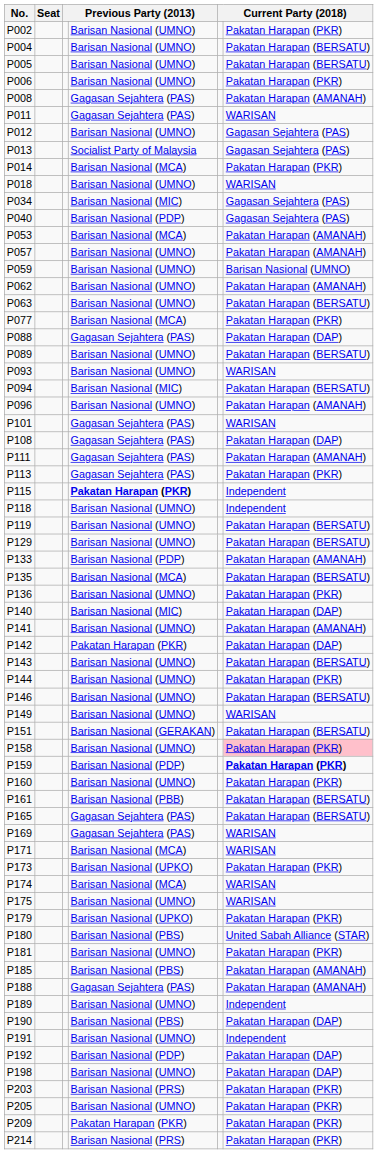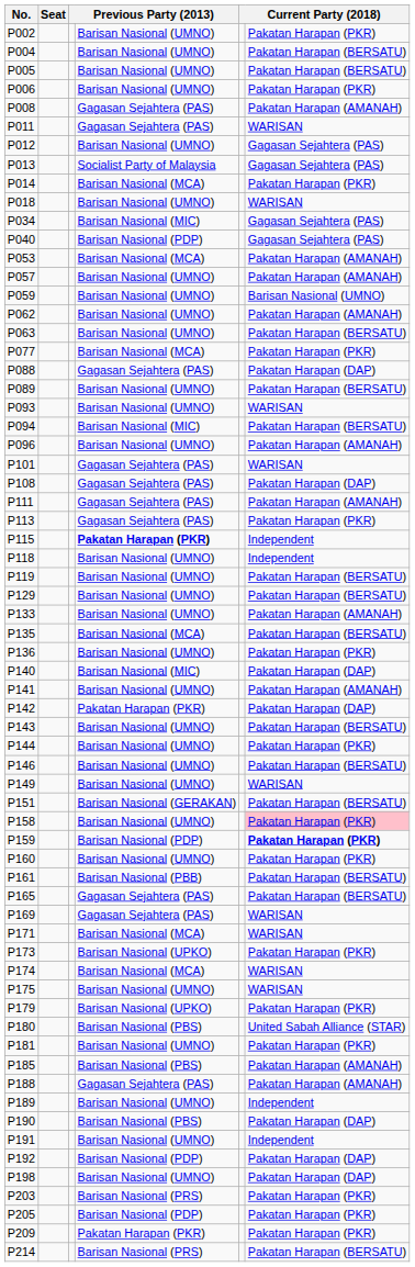 <table class="wikitable sortable" style="font-size:95%;">
 <tr>
 <th scope="col">No.</th>
 <th scope="col">Seat</th>
 <th colspan="2" scope="col">Previous Party (2013)</th>
 <th colspan="2" scope="col">Current Party (2018)</th>
 </tr>
 <tr>
 <td>P002</td>
 <td> </td>
 <td width="1"></td>
 <td><a href='#'>Barisan Nasional</a> (<a href='#'>UMNO</a>)</td>
 <td width="1"></td>
 <td><a href='#'>Pakatan Harapan</a> (<a href='#'>PKR</a>)</td>
 </tr>
 <tr>
 <td>P004</td>
 <td> </td>
 <td width="1"></td>
 <td><a href='#'>Barisan Nasional</a> (<a href='#'>UMNO</a>)</td>
 <td width="1"></td>
 <td><a href='#'>Pakatan Harapan</a> (<a href='#'>BERSATU</a>)</td>
 </tr>
 <tr>
 <td>P005</td>
 <td> </td>
 <td width="1"></td>
 <td><a href='#'>Barisan Nasional</a> (<a href='#'>UMNO</a>)</td>
 <td width="1"></td>
 <td><a href='#'>Pakatan Harapan</a> (<a href='#'>BERSATU</a>)</td>
 </tr>
 <tr>
 <td>P006</td>
 <td> </td>
 <td width="1"></td>
 <td><a href='#'>Barisan Nasional</a> (<a href='#'>UMNO</a>)</td>
 <td width="1"></td>
 <td><a href='#'>Pakatan Harapan</a> (<a href='#'>PKR</a>)</td>
 </tr>
 <tr>
 <td>P008</td>
 <td> </td>
 <td width="1"></td>
 <td><a href='#'>Gagasan Sejahtera</a> (<a href='#'>PAS</a>)</td>
 <td width="1"></td>
 <td><a href='#'>Pakatan Harapan</a> (<a href='#'>AMANAH</a>)</td>
 </tr>
 <tr>
 <td>P011</td>
 <td> </td>
 <td width="1"></td>
 <td><a href='#'>Gagasan Sejahtera</a> (<a href='#'>PAS</a>)</td>
 <td width="1"></td>
 <td><a href='#'>WARISAN</a></td>
 </tr>
 <tr>
 <td>P012</td>
 <td> </td>
 <td width="1"></td>
 <td><a href='#'>Barisan Nasional</a> (<a href='#'>UMNO</a>)</td>
 <td width="1"></td>
 <td><a href='#'>Gagasan Sejahtera</a> (<a href='#'>PAS</a>)</td>
 </tr>
 <tr>
 <td>P013</td>
 <td> </td>
 <td width="1"></td>
 <td><a href='#'>Socialist Party of Malaysia</a></td>
 <td width="1"></td>
 <td><a href='#'>Gagasan Sejahtera</a> (<a href='#'>PAS</a>)</td>
 </tr>
 <tr>
 <td>P014</td>
 <td> </td>
 <td width="1"></td>
 <td><a href='#'>Barisan Nasional</a> (<a href='#'>MCA</a>)</td>
 <td width="1"></td>
 <td><a href='#'>Pakatan Harapan</a> (<a href='#'>PKR</a>)</td>
 </tr>
 <tr>
 <td>P018</td>
 <td> </td>
 <td width="1"></td>
 <td><a href='#'>Barisan Nasional</a> (<a href='#'>UMNO</a>)</td>
 <td width="1"></td>
 <td><a href='#'>WARISAN</a></td>
 </tr>
 <tr>
 <td>P034</td>
 <td> </td>
 <td width="1"></td>
 <td><a href='#'>Barisan Nasional</a> (<a href='#'>MIC</a>)</td>
 <td width="1"></td>
 <td><a href='#'>Gagasan Sejahtera</a> (<a href='#'>PAS</a>)</td>
 </tr>
 <tr>
 <td>P040</td>
 <td> </td>
 <td width="1"></td>
 <td><a href='#'>Barisan Nasional</a> (<a href='#'>PDP</a>)</td>
 <td width="1"></td>
 <td><a href='#'>Gagasan Sejahtera</a> (<a href='#'>PAS</a>)</td>
 </tr>
 <tr>
 <td>P053</td>
 <td> </td>
 <td width="1"></td>
 <td><a href='#'>Barisan Nasional</a> (<a href='#'>MCA</a>)</td>
 <td width="1"></td>
 <td><a href='#'>Pakatan Harapan</a> (<a href='#'>AMANAH</a>)</td>
 </tr>
 <tr>
 <td>P057</td>
 <td> </td>
 <td width="1"></td>
 <td><a href='#'>Barisan Nasional</a> (<a href='#'>UMNO</a>)</td>
 <td width="1"></td>
 <td><a href='#'>Pakatan Harapan</a> (<a href='#'>AMANAH</a>)</td>
 </tr>
 <tr>
 <td>P059</td>
 <td> </td>
 <td width="1"></td>
 <td><a href='#'>Barisan Nasional</a> (<a href='#'>UMNO</a>)</td>
 <td width="1"></td>
 <td><a href='#'>Barisan Nasional</a> (<a href='#'>UMNO</a>)</td>
 </tr>
 <tr>
 <td>P062</td>
 <td> </td>
 <td width="1"></td>
 <td><a href='#'>Barisan Nasional</a> (<a href='#'>UMNO</a>)</td>
 <td width="1"></td>
 <td><a href='#'>Pakatan Harapan</a> (<a href='#'>AMANAH</a>)</td>
 </tr>
 <tr>
 <td>P063</td>
 <td> </td>
 <td width="1"></td>
 <td><a href='#'>Barisan Nasional</a> (<a href='#'>UMNO</a>)</td>
 <td width="1"></td>
 <td><a href='#'>Pakatan Harapan</a> (<a href='#'>BERSATU</a>)</td>
 </tr>
 <tr>
 <td>P077</td>
 <td> </td>
 <td width="1"></td>
 <td><a href='#'>Barisan Nasional</a> (<a href='#'>MCA</a>)</td>
 <td width="1"></td>
 <td><a href='#'>Pakatan Harapan</a> (<a href='#'>PKR</a>)</td>
 </tr>
 <tr>
 <td>P088</td>
 <td> </td>
 <td width="1"></td>
 <td><a href='#'>Gagasan Sejahtera</a> (<a href='#'>PAS</a>)</td>
 <td width="1"></td>
 <td><a href='#'>Pakatan Harapan</a> (<a href='#'>DAP</a>)</td>
 </tr>
 <tr>
 <td>P089</td>
 <td> </td>
 <td width="1"></td>
 <td><a href='#'>Barisan Nasional</a> (<a href='#'>UMNO</a>)</td>
 <td width="1"></td>
 <td><a href='#'>Pakatan Harapan</a> (<a href='#'>BERSATU</a>)</td>
 </tr>
 <tr>
 <td>P093</td>
 <td> </td>
 <td width="1"></td>
 <td><a href='#'>Barisan Nasional</a> (<a href='#'>UMNO</a>)</td>
 <td width="1"></td>
 <td><a href='#'>WARISAN</a></td>
 </tr>
 <tr>
 <td>P094</td>
 <td> </td>
 <td width="1"></td>
 <td><a href='#'>Barisan Nasional</a> (<a href='#'>MIC</a>)</td>
 <td width="1"></td>
 <td><a href='#'>Pakatan Harapan</a> (<a href='#'>BERSATU</a>)</td>
 </tr>
 <tr>
 <td>P096</td>
 <td> </td>
 <td width="1"></td>
 <td><a href='#'>Barisan Nasional</a> (<a href='#'>UMNO</a>)</td>
 <td width="1"></td>
 <td><a href='#'>Pakatan Harapan</a> (<a href='#'>AMANAH</a>)</td>
 </tr>
 <tr>
 <td>P101</td>
 <td> </td>
 <td width="1"></td>
 <td><a href='#'>Gagasan Sejahtera</a> (<a href='#'>PAS</a>)</td>
 <td width="1"></td>
 <td><a href='#'>WARISAN</a></td>
 </tr>
 <tr>
 <td>P108</td>
 <td> </td>
 <td width="1"></td>
 <td><a href='#'>Gagasan Sejahtera</a> (<a href='#'>PAS</a>)</td>
 <td width="1"></td>
 <td><a href='#'>Pakatan Harapan</a> (<a href='#'>DAP</a>)</td>
 </tr>
 <tr>
 <td>P111</td>
 <td> </td>
 <td width="1"></td>
 <td><a href='#'>Gagasan Sejahtera</a> (<a href='#'>PAS</a>)</td>
 <td width="1"></td>
 <td><a href='#'>Pakatan Harapan</a> (<a href='#'>AMANAH</a>)</td>
 </tr>
 <tr>
 <td>P113</td>
 <td> </td>
 <td width="1"></td>
 <td><a href='#'>Gagasan Sejahtera</a> (<a href='#'>PAS</a>)</td>
 <td width="1"></td>
 <td><a href='#'>Pakatan Harapan</a> (<a href='#'>PKR</a>)</td>
 </tr>
 <tr>
 <td>P115</td>
 <td> </td>
 <td width="1"></td>
 <td><strong><a href='#'>Pakatan Harapan</a> (<a href='#'>PKR</a>)</strong></td>
 <td width="1"></td>
 <td><a href='#'>Independent</a></td>
 </tr>
 <tr>
 <td>P118</td>
 <td> </td>
 <td width="1"></td>
 <td><a href='#'>Barisan Nasional</a> (<a href='#'>UMNO</a>)</td>
 <td width="1"></td>
 <td><a href='#'>Independent</a></td>
 </tr>
 <tr>
 <td>P119</td>
 <td> </td>
 <td width="1"></td>
 <td><a href='#'>Barisan Nasional</a> (<a href='#'>UMNO</a>)</td>
 <td width="1"></td>
 <td><a href='#'>Pakatan Harapan</a> (<a href='#'>BERSATU</a>)</td>
 </tr>
 <tr>
 <td>P129</td>
 <td> </td>
 <td width="1"></td>
 <td><a href='#'>Barisan Nasional</a> (<a href='#'>UMNO</a>)</td>
 <td width="1"></td>
 <td><a href='#'>Pakatan Harapan</a> (<a href='#'>BERSATU</a>)</td>
 </tr>
 <tr>
 <td>P133</td>
 <td> </td>
 <td width="1"></td>
-<td><a href='#'>Barisan Nasional</a> (<a href='#'>PDP</a>)</td>
+<td><a href='#'>Barisan Nasional</a> (<a href='#'>UMNO</a>)</td>
 <td width="1"></td>
 <td><a href='#'>Pakatan Harapan</a> (<a href='#'>AMANAH</a>)</td>
 </tr>
 <tr>
 <td>P135</td>
 <td> </td>
 <td width="1"></td>
 <td><a href='#'>Barisan Nasional</a> (<a href='#'>MCA</a>)</td>
 <td width="1"></td>
 <td><a href='#'>Pakatan Harapan</a> (<a href='#'>BERSATU</a>)</td>
 </tr>
 <tr>
 <td>P136</td>
 <td> </td>
 <td width="1"></td>
 <td><a href='#'>Barisan Nasional</a> (<a href='#'>UMNO</a>)</td>
 <td width="1"></td>
 <td><a href='#'>Pakatan Harapan</a> (<a href='#'>PKR</a>)</td>
 </tr>
 <tr>
 <td>P140</td>
 <td> </td>
 <td width="1"></td>
 <td><a href='#'>Barisan Nasional</a> (<a href='#'>MIC</a>)</td>
 <td width="1"></td>
 <td><a href='#'>Pakatan Harapan</a> (<a href='#'>DAP</a>)</td>
 </tr>
 <tr>
 <td>P141</td>
 <td> </td>
 <td width="1"></td>
 <td><a href='#'>Barisan Nasional</a> (<a href='#'>UMNO</a>)</td>
 <td width="1"></td>
 <td><a href='#'>Pakatan Harapan</a> (<a href='#'>AMANAH</a>)</td>
 </tr>
 <tr>
 <td>P142</td>
 <td> </td>
 <td width="1"></td>
 <td><a href='#'>Pakatan Harapan</a> (<a href='#'>PKR</a>)</td>
 <td width="1"></td>
 <td><a href='#'>Pakatan Harapan</a> (<a href='#'>DAP</a>)</td>
 </tr>
 <tr>
 <td>P143</td>
 <td> </td>
 <td width="1"></td>
 <td><a href='#'>Barisan Nasional</a> (<a href='#'>UMNO</a>)</td>
 <td width="1"></td>
 <td><a href='#'>Pakatan Harapan</a> (<a href='#'>BERSATU</a>)</td>
 </tr>
 <tr>
 <td>P144</td>
 <td> </td>
 <td width="1"></td>
 <td><a href='#'>Barisan Nasional</a> (<a href='#'>UMNO</a>)</td>
 <td width="1"></td>
 <td><a href='#'>Pakatan Harapan</a> (<a href='#'>PKR</a>)</td>
 </tr>
 <tr>
 <td>P146</td>
 <td> </td>
 <td width="1"></td>
 <td><a href='#'>Barisan Nasional</a> (<a href='#'>UMNO</a>)</td>
 <td width="1"></td>
 <td><a href='#'>Pakatan Harapan</a> (<a href='#'>BERSATU</a>)</td>
 </tr>
 <tr>
 <td>P149</td>
 <td> </td>
 <td width="1"></td>
 <td><a href='#'>Barisan Nasional</a> (<a href='#'>UMNO</a>)</td>
 <td width="1"></td>
 <td><a href='#'>WARISAN</a></td>
 </tr>
 <tr>
 <td>P151</td>
 <td> </td>
 <td width="1"></td>
 <td><a href='#'>Barisan Nasional</a> (<a href='#'>GERAKAN</a>)</td>
 <td width="1"></td>
 <td><a href='#'>Pakatan Harapan</a> (<a href='#'>BERSATU</a>)</td>
 </tr>
 <tr>
 <td>P158</td>
 <td> </td>
 <td width="1"></td>
 <td><a href='#'>Barisan Nasional</a> (<a href='#'>UMNO</a>)</td>
 <td width="1"></td>
 <td style="background: pink;"><a href='#'>Pakatan Harapan</a> (<a href='#'>PKR</a>)</td>
 </tr>
 <tr>
 <td>P159</td>
 <td> </td>
 <td width="1"></td>
 <td><a href='#'>Barisan Nasional</a> (<a href='#'>PDP</a>)</td>
 <td width="1"></td>
 <td><strong><a href='#'>Pakatan Harapan</a> (<a href='#'>PKR</a>)</strong></td>
 </tr>
 <tr>
 <td>P160</td>
 <td> </td>
 <td width="1"></td>
 <td><a href='#'>Barisan Nasional</a> (<a href='#'>UMNO</a>)</td>
 <td width="1"></td>
 <td><a href='#'>Pakatan Harapan</a> (<a href='#'>PKR</a>)</td>
 </tr>
 <tr>
 <td>P161</td>
 <td> </td>
 <td width="1"></td>
 <td><a href='#'>Barisan Nasional</a> (<a href='#'>PBB</a>)</td>
 <td width="1"></td>
 <td><a href='#'>Pakatan Harapan</a> (<a href='#'>BERSATU</a>)</td>
 </tr>
 <tr>
 <td>P165</td>
 <td> </td>
 <td width="1"></td>
 <td><a href='#'>Gagasan Sejahtera</a> (<a href='#'>PAS</a>)</td>
 <td width="1"></td>
 <td><a href='#'>Pakatan Harapan</a> (<a href='#'>BERSATU</a>)</td>
 </tr>
 <tr>
 <td>P169</td>
 <td> </td>
 <td width="1"></td>
 <td><a href='#'>Gagasan Sejahtera</a> (<a href='#'>PAS</a>)</td>
 <td width="1"></td>
 <td><a href='#'>WARISAN</a></td>
 </tr>
 <tr>
 <td>P171</td>
 <td> </td>
 <td width="1"></td>
 <td><a href='#'>Barisan Nasional</a> (<a href='#'>MCA</a>)</td>
 <td width="1"></td>
 <td><a href='#'>WARISAN</a></td>
 </tr>
 <tr>
 <td>P173</td>
 <td> </td>
 <td width="1"></td>
 <td><a href='#'>Barisan Nasional</a> (<a href='#'>UPKO</a>)</td>
 <td width="1"></td>
 <td><a href='#'>Pakatan Harapan</a> (<a href='#'>PKR</a>)</td>
 </tr>
 <tr>
 <td>P174</td>
 <td> </td>
 <td width="1"></td>
 <td><a href='#'>Barisan Nasional</a> (<a href='#'>MCA</a>)</td>
 <td width="1"></td>
 <td><a href='#'>WARISAN</a></td>
 </tr>
 <tr>
 <td>P175</td>
 <td> </td>
 <td width="1"></td>
 <td><a href='#'>Barisan Nasional</a> (<a href='#'>UMNO</a>)</td>
 <td width="1"></td>
 <td><a href='#'>WARISAN</a></td>
 </tr>
 <tr>
 <td>P179</td>
 <td> </td>
 <td width="1"></td>
 <td><a href='#'>Barisan Nasional</a> (<a href='#'>UPKO</a>)</td>
 <td width="1"></td>
 <td><a href='#'>Pakatan Harapan</a> (<a href='#'>PKR</a>)</td>
 </tr>
 <tr>
 <td>P180</td>
 <td> </td>
 <td width="1"></td>
 <td><a href='#'>Barisan Nasional</a> (<a href='#'>PBS</a>)</td>
 <td width="1"></td>
 <td><a href='#'>United Sabah Alliance</a> (<a href='#'>STAR</a>)</td>
 </tr>
 <tr>
 <td>P181</td>
 <td> </td>
 <td width="1"></td>
 <td><a href='#'>Barisan Nasional</a> (<a href='#'>UMNO</a>)</td>
 <td width="1"></td>
 <td><a href='#'>Pakatan Harapan</a> (<a href='#'>PKR</a>)</td>
 </tr>
 <tr>
 <td>P185</td>
 <td> </td>
 <td width="1"></td>
 <td><a href='#'>Barisan Nasional</a> (<a href='#'>PBS</a>)</td>
 <td width="1"></td>
 <td><a href='#'>Pakatan Harapan</a> (<a href='#'>AMANAH</a>)</td>
 </tr>
 <tr>
 <td>P188</td>
 <td> </td>
 <td width="1"></td>
 <td><a href='#'>Gagasan Sejahtera</a> (<a href='#'>PAS</a>)</td>
 <td width="1"></td>
 <td><a href='#'>Pakatan Harapan</a> (<a href='#'>AMANAH</a>)</td>
 </tr>
 <tr>
 <td>P189</td>
 <td> </td>
 <td width="1"></td>
 <td><a href='#'>Barisan Nasional</a> (<a href='#'>UMNO</a>)</td>
 <td width="1"></td>
 <td><a href='#'>Independent</a></td>
 </tr>
 <tr>
 <td>P190</td>
 <td> </td>
 <td width="1"></td>
 <td><a href='#'>Barisan Nasional</a> (<a href='#'>PBS</a>)</td>
 <td width="1"></td>
 <td><a href='#'>Pakatan Harapan</a> (<a href='#'>DAP</a>)</td>
 </tr>
 <tr>
 <td>P191</td>
 <td> </td>
 <td width="1"></td>
 <td><a href='#'>Barisan Nasional</a> (<a href='#'>UMNO</a>)</td>
 <td width="1"></td>
 <td><a href='#'>Independent</a></td>
 </tr>
 <tr>
 <td>P192</td>
 <td> </td>
 <td width="1"></td>
 <td><a href='#'>Barisan Nasional</a> (<a href='#'>PDP</a>)</td>
 <td width="1"></td>
 <td><a href='#'>Pakatan Harapan</a> (<a href='#'>DAP</a>)</td>
 </tr>
 <tr>
 <td>P198</td>
 <td> </td>
 <td width="1"></td>
 <td><a href='#'>Barisan Nasional</a> (<a href='#'>UMNO</a>)</td>
 <td width="1"></td>
 <td><a href='#'>Pakatan Harapan</a> (<a href='#'>DAP</a>)</td>
 </tr>
 <tr>
 <td>P203</td>
 <td> </td>
 <td width="1"></td>
 <td><a href='#'>Barisan Nasional</a> (<a href='#'>PRS</a>)</td>
 <td width="1"></td>
 <td><a href='#'>Pakatan Harapan</a> (<a href='#'>PKR</a>)</td>
 </tr>
 <tr>
 <td>P205</td>
 <td> </td>
 <td width="1"></td>
-<td><a href='#'>Barisan Nasional</a> (<a href='#'>UMNO</a>)</td>
+<td><a href='#'>Barisan Nasional</a> (<a href='#'>PDP</a>)</td>
 <td width="1"></td>
 <td><a href='#'>Pakatan Harapan</a> (<a href='#'>PKR</a>)</td>
 </tr>
 <tr>
 <td>P209</td>
 <td> </td>
 <td width="1"></td>
 <td><a href='#'>Pakatan Harapan</a> (<a href='#'>PKR</a>)</td>
 <td width="1"></td>
 <td><a href='#'>Pakatan Harapan</a> (<a href='#'>PKR</a>)</td>
 </tr>
 <tr>
 <td>P214</td>
 <td> </td>
 <td width="1"></td>
 <td><a href='#'>Barisan Nasional</a> (<a href='#'>PRS</a>)</td>
 <td width="1"></td>
-<td><a href='#'>Pakatan Harapan</a> (<a href='#'>PKR</a>)</td>
+<td><a href='#'>Pakatan Harapan</a> (<a href='#'>BERSATU</a>)</td>
 </tr>
 </table>
